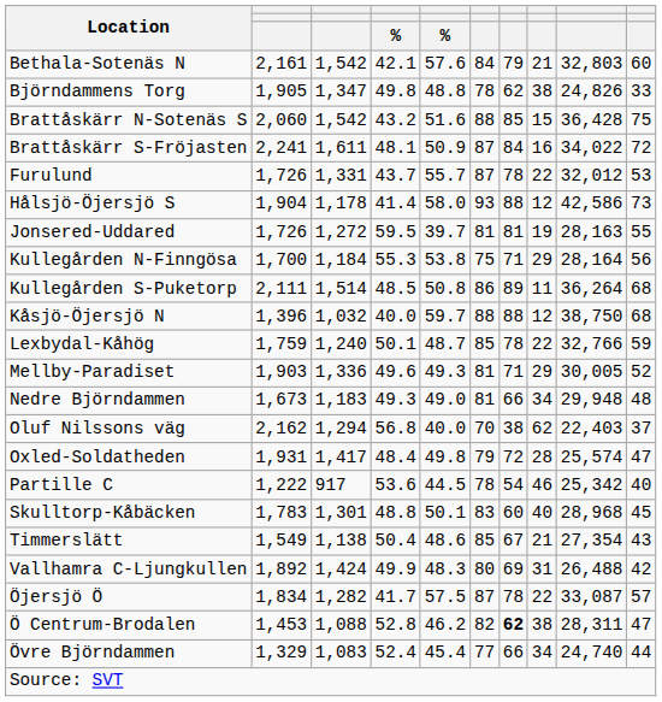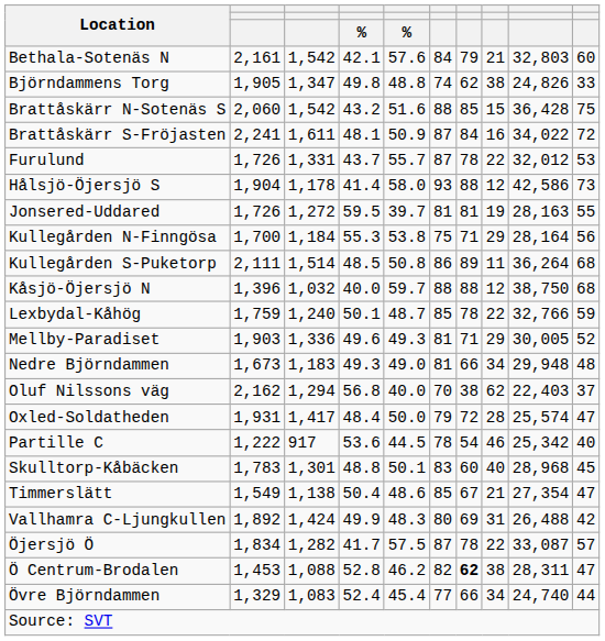 <table role="presentation" class="wikitable sortable mw-collapsible">
 <tr>
 <th rowspan="3">Location</th>
 <th></th>
 <th></th>
 <th></th>
 <th></th>
 <th></th>
 <th></th>
 <th></th>
 <th></th>
 <th></th>
 </tr>
 <tr>
 <th></th>
 <th></th>
 <th style="background:"></th>
 <th style="background:"></th>
 <th></th>
 <th></th>
 <th></th>
 <th></th>
 <th></th>
 </tr>
 <tr>
 <th data-sort-type="number"></th>
 <th data-sort-type="number"></th>
 <th data-sort-type="number">%</th>
 <th data-sort-type="number">%</th>
 <th data-sort-type="number"></th>
 <th data-sort-type="number"></th>
 <th data-sort-type="number"></th>
 <th data-sort-type="number"></th>
 <th data-sort-type="number"></th>
 </tr>
 <tr>
 <td align="left">Bethala-Sotenäs N</td>
 <td>2,161</td>
 <td>1,542</td>
 <td>42.1</td>
 <td>57.6</td>
 <td>84</td>
 <td>79</td>
 <td>21</td>
 <td>32,803</td>
 <td>60</td>
 </tr>
 <tr>
 <td align="left">Björndammens Torg</td>
 <td>1,905</td>
 <td>1,347</td>
 <td>49.8</td>
 <td>48.8</td>
-<td>78</td>
+<td>74</td>
 <td>62</td>
 <td>38</td>
 <td>24,826</td>
 <td>33</td>
 </tr>
 <tr>
 <td align="left">Brattåskärr N-Sotenäs S</td>
 <td>2,060</td>
 <td>1,542</td>
 <td>43.2</td>
 <td>51.6</td>
 <td>88</td>
 <td>85</td>
 <td>15</td>
 <td>36,428</td>
 <td>75</td>
 </tr>
 <tr>
 <td align="left">Brattåskärr S-Fröjasten</td>
 <td>2,241</td>
 <td>1,611</td>
 <td>48.1</td>
 <td>50.9</td>
 <td>87</td>
 <td>84</td>
 <td>16</td>
 <td>34,022</td>
 <td>72</td>
 </tr>
 <tr>
 <td align="left">Furulund</td>
 <td>1,726</td>
 <td>1,331</td>
 <td>43.7</td>
 <td>55.7</td>
 <td>87</td>
 <td>78</td>
 <td>22</td>
 <td>32,012</td>
 <td>53</td>
 </tr>
 <tr>
 <td align="left">Hålsjö-Öjersjö S</td>
 <td>1,904</td>
 <td>1,178</td>
 <td>41.4</td>
 <td>58.0</td>
 <td>93</td>
 <td>88</td>
 <td>12</td>
 <td>42,586</td>
 <td>73</td>
 </tr>
 <tr>
 <td align="left">Jonsered-Uddared</td>
 <td>1,726</td>
 <td>1,272</td>
 <td>59.5</td>
 <td>39.7</td>
 <td>81</td>
 <td>81</td>
 <td>19</td>
 <td>28,163</td>
 <td>55</td>
 </tr>
 <tr>
 <td align="left">Kullegården N-Finngösa</td>
 <td>1,700</td>
 <td>1,184</td>
 <td>55.3</td>
 <td>53.8</td>
 <td>75</td>
 <td>71</td>
 <td>29</td>
 <td>28,164</td>
 <td>56</td>
 </tr>
 <tr>
 <td align="left">Kullegården S-Puketorp</td>
 <td>2,111</td>
 <td>1,514</td>
 <td>48.5</td>
 <td>50.8</td>
 <td>86</td>
 <td>89</td>
 <td>11</td>
 <td>36,264</td>
 <td>68</td>
 </tr>
 <tr>
 <td align="left">Kåsjö-Öjersjö N</td>
 <td>1,396</td>
 <td>1,032</td>
 <td>40.0</td>
 <td>59.7</td>
 <td>88</td>
 <td>88</td>
 <td>12</td>
 <td>38,750</td>
 <td>68</td>
 </tr>
 <tr>
 <td align="left">Lexbydal-Kåhög</td>
 <td>1,759</td>
 <td>1,240</td>
 <td>50.1</td>
 <td>48.7</td>
 <td>85</td>
 <td>78</td>
 <td>22</td>
 <td>32,766</td>
 <td>59</td>
 </tr>
 <tr>
 <td align="left">Mellby-Paradiset</td>
 <td>1,903</td>
 <td>1,336</td>
 <td>49.6</td>
 <td>49.3</td>
 <td>81</td>
 <td>71</td>
 <td>29</td>
 <td>30,005</td>
 <td>52</td>
 </tr>
 <tr>
 <td align="left">Nedre Björndammen</td>
 <td>1,673</td>
 <td>1,183</td>
 <td>49.3</td>
 <td>49.0</td>
 <td>81</td>
 <td>66</td>
 <td>34</td>
 <td>29,948</td>
 <td>48</td>
 </tr>
 <tr>
 <td align="left">Oluf Nilssons väg</td>
 <td>2,162</td>
 <td>1,294</td>
 <td>56.8</td>
 <td>40.0</td>
 <td>70</td>
 <td>38</td>
 <td>62</td>
 <td>22,403</td>
 <td>37</td>
 </tr>
 <tr>
 <td align="left">Oxled-Soldatheden</td>
 <td>1,931</td>
 <td>1,417</td>
 <td>48.4</td>
-<td>49.8</td>
+<td>50.0</td>
 <td>79</td>
 <td>72</td>
 <td>28</td>
 <td>25,574</td>
 <td>47</td>
 </tr>
 <tr>
 <td align="left">Partille C</td>
 <td>1,222</td>
 <td>917</td>
 <td>53.6</td>
 <td>44.5</td>
 <td>78</td>
 <td>54</td>
 <td>46</td>
 <td>25,342</td>
 <td>40</td>
 </tr>
 <tr>
 <td align="left">Skulltorp-Kåbäcken</td>
 <td>1,783</td>
 <td>1,301</td>
 <td>48.8</td>
 <td>50.1</td>
 <td>83</td>
 <td>60</td>
 <td>40</td>
 <td>28,968</td>
 <td>45</td>
 </tr>
 <tr>
 <td align="left">Timmerslätt</td>
 <td>1,549</td>
 <td>1,138</td>
 <td>50.4</td>
 <td>48.6</td>
 <td>85</td>
 <td>67</td>
 <td>21</td>
 <td>27,354</td>
-<td>43</td>
+<td>47</td>
 </tr>
 <tr>
 <td align="left">Vallhamra C-Ljungkullen</td>
 <td>1,892</td>
 <td>1,424</td>
 <td>49.9</td>
 <td>48.3</td>
 <td>80</td>
 <td>69</td>
 <td>31</td>
 <td>26,488</td>
 <td>42</td>
 </tr>
 <tr>
 <td align="left">Öjersjö Ö</td>
 <td>1,834</td>
 <td>1,282</td>
 <td>41.7</td>
 <td>57.5</td>
 <td>87</td>
 <td>78</td>
 <td>22</td>
 <td>33,087</td>
 <td>57</td>
 </tr>
 <tr>
 <td align="left">Ö Centrum-Brodalen</td>
 <td>1,453</td>
 <td>1,088</td>
 <td>52.8</td>
 <td>46.2</td>
 <td>82</td>
 <td><strong>62</strong></td>
 <td>38</td>
 <td>28,311</td>
 <td>47</td>
 </tr>
 <tr>
 <td align="left">Övre Björndammen</td>
 <td>1,329</td>
 <td>1,083</td>
 <td>52.4</td>
 <td>45.4</td>
 <td>77</td>
 <td>66</td>
 <td>34</td>
 <td>24,740</td>
 <td>44</td>
 </tr>
 <tr>
 <td colspan="10" align="left">Source: <a href='#'>SVT</a></td>
 </tr>
 </table>
